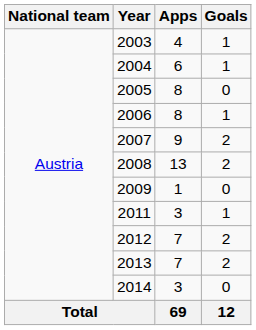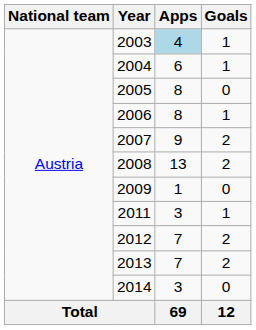 <table class="wikitable" style="text-align:center">
 <tr>
 <th>National team</th>
 <th>Year</th>
 <th>Apps</th>
 <th>Goals</th>
 </tr>
 <tr>
 <td rowspan="11"><a href='#'>Austria</a></td>
 <td>2003</td>
-<td>4</td>
+<td style="background: lightblue;">4</td>
 <td>1</td>
 </tr>
 <tr>
 <td>2004</td>
 <td>6</td>
 <td>1</td>
 </tr>
 <tr>
 <td>2005</td>
 <td>8</td>
 <td>0</td>
 </tr>
 <tr>
 <td>2006</td>
 <td>8</td>
 <td>1</td>
 </tr>
 <tr>
 <td>2007</td>
 <td>9</td>
 <td>2</td>
 </tr>
 <tr>
 <td>2008</td>
 <td>13</td>
 <td>2</td>
 </tr>
 <tr>
 <td>2009</td>
 <td>1</td>
 <td>0</td>
 </tr>
 <tr>
 <td>2011</td>
 <td>3</td>
 <td>1</td>
 </tr>
 <tr>
 <td>2012</td>
 <td>7</td>
 <td>2</td>
 </tr>
 <tr>
 <td>2013</td>
 <td>7</td>
 <td>2</td>
 </tr>
 <tr>
 <td>2014</td>
 <td>3</td>
 <td>0</td>
 </tr>
 <tr>
 <th colspan="2">Total</th>
 <th>69</th>
 <th>12</th>
 </tr>
 </table>
